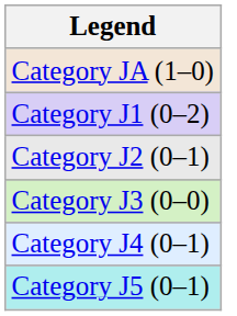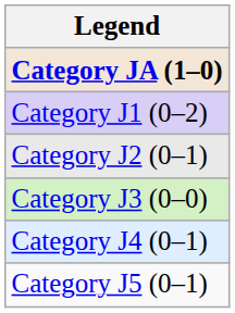 <table class="wikitable">
 <tr>
 <th>Legend</th>
 </tr>
 <tr bgcolor="F3E6D7">
-<td><a href='#'>Category JA</a> (1–0)</td>
+<td><strong><a href='#'>Category JA</a> (1–0)</strong></td>
 </tr>
 <tr bgcolor="d8cef6">
 <td><a href='#'>Category J1</a> (0–2)</td>
 </tr>
 <tr bgcolor="e9e9e9">
 <td><a href='#'>Category J2</a> (0–1)</td>
 </tr>
 <tr bgcolor="D4F1C5">
 <td><a href='#'>Category J3</a> (0–0)</td>
 </tr>
 <tr bgcolor="dfeeff">
 <td><a href='#'>Category J4</a> (0–1)</td>
 </tr>
 <tr>
-<td style="background: paleturquoise;"><a href='#'>Category J5</a> (0–1)</td>
+<td><a href='#'>Category J5</a> (0–1)</td>
 </tr>
 </table>
